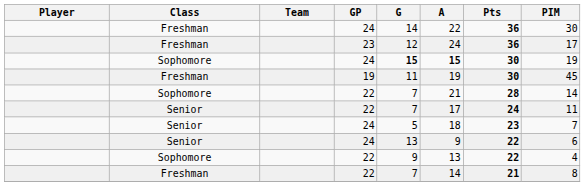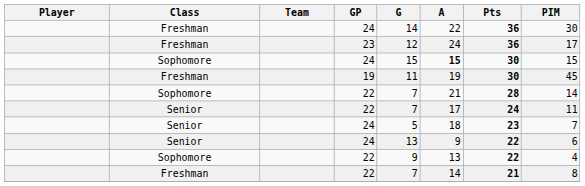 <table class="wikitable sortable" style="text-align: center; "width=60%">
 <tr>
 <th>Player</th>
 <th>Class</th>
 <th>Team</th>
 <th>GP</th>
 <th>G</th>
 <th>A</th>
 <th>Pts</th>
 <th>PIM</th>
 </tr>
 <tr>
 <td style="text-align: left"></td>
 <td>Freshman</td>
 <td><strong><a href='#'></a></strong></td>
 <td style="text-align: right">24</td>
 <td style="text-align: right">14</td>
 <td style="text-align: right">22</td>
 <td style="text-align: right"><strong>36</strong></td>
 <td style="text-align: right">30</td>
 </tr>
 <tr bgcolor=f0f0f0>
 <td style="text-align: left"></td>
 <td>Freshman</td>
 <td><strong><a href='#'></a></strong></td>
 <td style="text-align: right">23</td>
 <td style="text-align: right">12</td>
 <td style="text-align: right">24</td>
 <td style="text-align: right"><strong>36</strong></td>
 <td style="text-align: right">17</td>
 </tr>
 <tr>
 <td style="text-align: left"></td>
 <td>Sophomore</td>
 <td><strong><a href='#'></a></strong></td>
 <td style="text-align: right">24</td>
-<td style="text-align: right"><strong>15</strong></td>
+<td style="text-align: right">15</td>
 <td style="text-align: right"><strong>15</strong></td>
 <td style="text-align: right"><strong>30</strong></td>
-<td style="text-align: right">19</td>
+<td style="text-align: right">15</td>
 </tr>
 <tr bgcolor=f0f0f0>
 <td style="text-align: left"></td>
 <td>Freshman</td>
 <td><strong><a href='#'></a></strong></td>
 <td style="text-align: right">19</td>
 <td style="text-align: right">11</td>
 <td style="text-align: right">19</td>
 <td style="text-align: right"><strong>30</strong></td>
 <td style="text-align: right">45</td>
 </tr>
 <tr>
 <td style="text-align: left"></td>
 <td>Sophomore</td>
 <td><strong><a href='#'></a></strong></td>
 <td style="text-align: right">22</td>
 <td style="text-align: right">7</td>
 <td style="text-align: right">21</td>
 <td style="text-align: right"><strong>28</strong></td>
 <td style="text-align: right">14</td>
 </tr>
 <tr bgcolor=f0f0f0>
 <td style="text-align: left"></td>
 <td>Senior</td>
 <td><strong><a href='#'></a></strong></td>
 <td style="text-align: right">22</td>
 <td style="text-align: right">7</td>
 <td style="text-align: right">17</td>
 <td style="text-align: right"><strong>24</strong></td>
 <td style="text-align: right">11</td>
 </tr>
 <tr>
 <td style="text-align: left"></td>
 <td>Senior</td>
 <td><strong><a href='#'></a></strong></td>
 <td style="text-align: right">24</td>
 <td style="text-align: right">5</td>
 <td style="text-align: right">18</td>
 <td style="text-align: right"><strong>23</strong></td>
 <td style="text-align: right">7</td>
 </tr>
 <tr bgcolor=f0f0f0>
 <td style="text-align: left"></td>
 <td>Senior</td>
 <td><strong><a href='#'></a></strong></td>
 <td style="text-align: right">24</td>
 <td style="text-align: right">13</td>
 <td style="text-align: right">9</td>
 <td style="text-align: right"><strong>22</strong></td>
 <td style="text-align: right">6</td>
 </tr>
 <tr>
 <td style="text-align: left"></td>
 <td>Sophomore</td>
 <td><strong><a href='#'></a></strong></td>
 <td style="text-align: right">22</td>
 <td style="text-align: right">9</td>
 <td style="text-align: right">13</td>
 <td style="text-align: right"><strong>22</strong></td>
 <td style="text-align: right">4</td>
 </tr>
 <tr bgcolor=f0f0f0>
 <td style="text-align: left"></td>
 <td>Freshman</td>
 <td><strong><a href='#'></a></strong></td>
 <td style="text-align: right">22</td>
 <td style="text-align: right">7</td>
 <td style="text-align: right">14</td>
 <td style="text-align: right"><strong>21</strong></td>
 <td style="text-align: right">8</td>
 </tr>
 <tr>
 </tr>
 </table>
